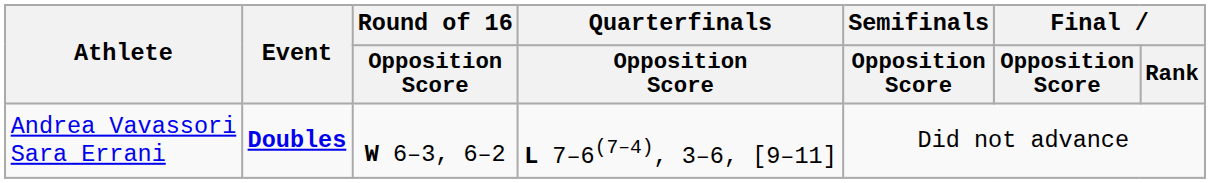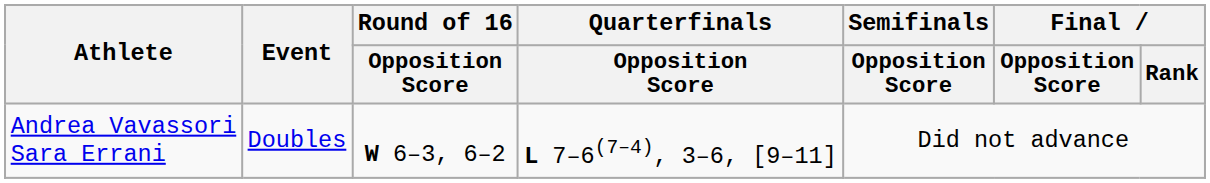 <table class=wikitable style=font-size:90%>
 <tr>
 <th rowspan=2>Athlete</th>
 <th rowspan=2>Event</th>
 <th>Round of 16</th>
 <th>Quarterfinals</th>
 <th>Semifinals</th>
 <th colspan=2>Final / </th>
 </tr>
 <tr style=font-size:95%>
 <th>Opposition<br>Score</th>
 <th>Opposition<br>Score</th>
 <th>Opposition<br>Score</th>
 <th>Opposition<br>Score</th>
 <th>Rank</th>
 </tr>
 <tr align=center>
 <td align=left><a href='#'>Andrea Vavassori</a><br><a href='#'>Sara Errani</a></td>
-<td align=left><strong><a href='#'>Doubles</a></strong></td>
+<td align=left><a href='#'>Doubles</a></td>
 <td><br><strong>W</strong> 6–3, 6–2</td>
 <td><br><strong>L</strong> 7–6<sup>(7–4)</sup>, 3–6, [9–11]</td>
 <td colspan=3>Did not advance</td>
 </tr>
 </table>
